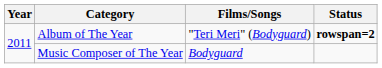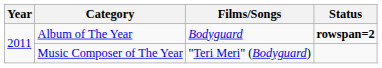 <table class="wikitable">
 <tr>
 <th>Year</th>
 <th>Category</th>
 <th>Films/Songs</th>
 <th>Status</th>
 </tr>
 <tr>
 <td rowspan=2><a href='#'>2011</a></td>
 <td><a href='#'>Album of The Year</a></td>
-<td>"<a href='#'>Teri Meri</a>" (<em><a href='#'>Bodyguard</a></em>)</td>
+<td><em><a href='#'>Bodyguard</a></em></td>
 <td><strong>rowspan=2 </strong></td>
 </tr>
 <tr>
 <td><a href='#'>Music Composer of The Year</a></td>
-<td><em><a href='#'>Bodyguard</a></em></td>
+<td>"<a href='#'>Teri Meri</a>" (<em><a href='#'>Bodyguard</a></em>)</td>
 </tr>
 </table>
